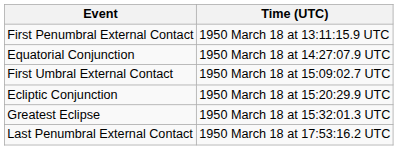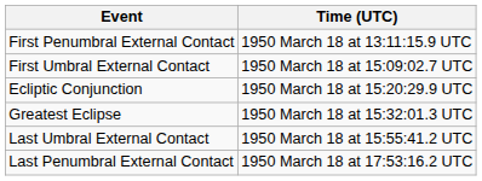 <table class="wikitable">
 <tr>
 <th>Event</th>
 <th>Time (UTC)</th>
 </tr>
 <tr>
 <td>First Penumbral External Contact</td>
 <td>1950 March 18 at 13:11:15.9 UTC</td>
-</tr>
-<tr>
-<td>Equatorial Conjunction</td>
-<td>1950 March 18 at 14:27:07.9 UTC</td>
 </tr>
 <tr>
 <td>First Umbral External Contact</td>
 <td>1950 March 18 at 15:09:02.7 UTC</td>
 </tr>
 <tr>
 <td>Ecliptic Conjunction</td>
 <td>1950 March 18 at 15:20:29.9 UTC</td>
 </tr>
 <tr>
 <td>Greatest Eclipse</td>
 <td>1950 March 18 at 15:32:01.3 UTC</td>
 </tr>
 <tr>
+<td>Last Umbral External Contact</td>
+<td>1950 March 18 at 15:55:41.2 UTC</td>
+</tr>
+<tr>
 <td>Last Penumbral External Contact</td>
 <td>1950 March 18 at 17:53:16.2 UTC</td>
 </tr>
 </table>
